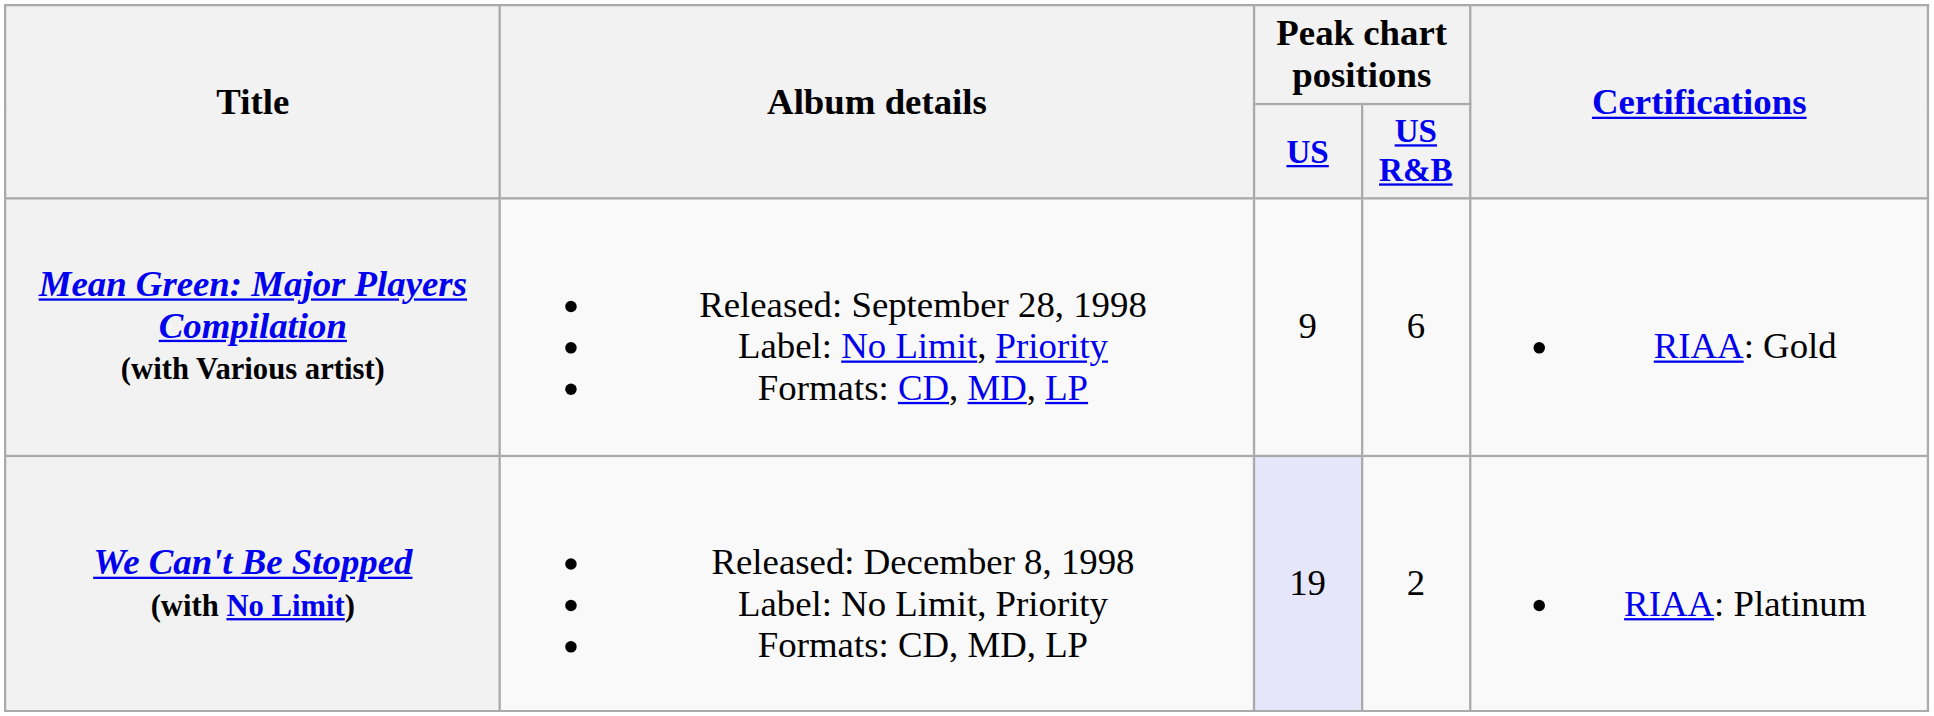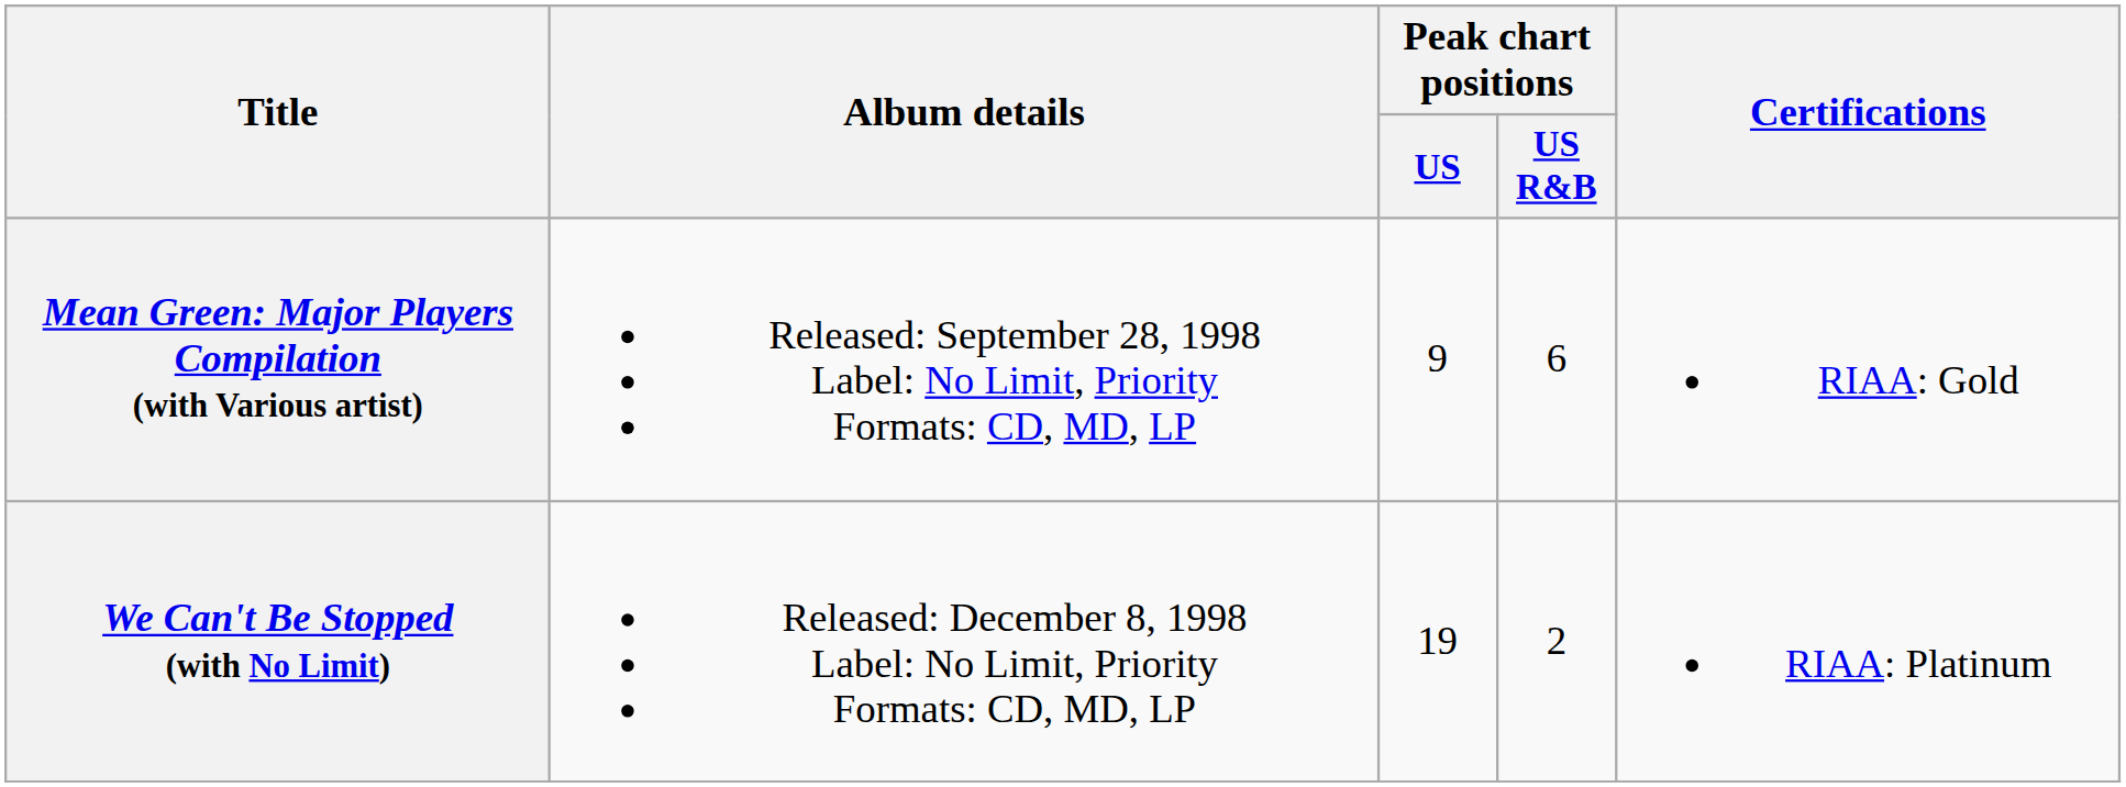 <table class="wikitable plainrowheaders" style="text-align:center;">
 <tr>
 <th scope="col" rowspan="2" style="width:13em;">Title</th>
 <th scope="col" rowspan="2" style="width:20em;">Album details</th>
 <th scope="col" colspan="2">Peak chart positions</th>
 <th scope="col" rowspan="2" style="width:12em;"><a href='#'>Certifications</a></th>
 </tr>
 <tr>
 <th scope="col" style="width:2.8em;font-size:90%;"><a href='#'>US</a><br></th>
 <th scope="col" style="width:2.8em;font-size:90%;"><a href='#'>US<br>R&B</a></th>
 </tr>
 <tr>
 <th scope="row"><em><a href='#'>Mean Green: Major Players Compilation</a></em><br><small>(with Various artist)</small></th>
 <td><br><ul><li>Released: September 28, 1998</li><li>Label: <a href='#'>No Limit</a>, <a href='#'>Priority</a></li><li>Formats: <a href='#'>CD</a>, <a href='#'>MD</a>, <a href='#'>LP</a></li></ul></td>
 <td>9</td>
 <td>6</td>
 <td><br><ul><li><a href='#'>RIAA</a>: Gold</li></ul></td>
 </tr>
 <tr>
 <th scope="row"><em><a href='#'>We Can't Be Stopped</a></em><br><small>(with <a href='#'>No Limit</a>)</small></th>
 <td><br><ul><li>Released: December 8, 1998</li><li>Label: No Limit, Priority</li><li>Formats: CD, MD, LP</li></ul></td>
-<td style="background: lavender;">19</td>
+<td>19</td>
 <td>2</td>
 <td><br><ul><li><a href='#'>RIAA</a>: Platinum</li></ul></td>
 </tr>
 <tr>
 </tr>
 </table>
